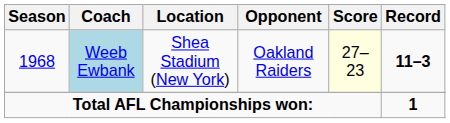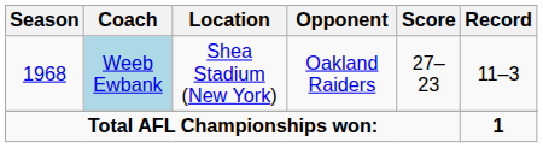 <table class="wikitable" style="width:70%;text-align:center">
 <tr>
 <th>Season</th>
 <th>Coach</th>
 <th>Location</th>
 <th>Opponent</th>
 <th>Score</th>
 <th>Record</th>
 </tr>
 <tr>
 <td><a href='#'>1968</a></td>
 <td style="background: lightblue;"><a href='#'>Weeb Ewbank</a></td>
 <td><a href='#'>Shea Stadium</a> (<a href='#'>New York</a>)</td>
 <td><a href='#'>Oakland Raiders</a></td>
-<td style="background: lightyellow;">27–23</td>
-<td><strong>11–3</strong></td>
+<td>27–23</td>
+<td>11–3</td>
 </tr>
 <tr>
 </tr>
 <tr>
 <td colspan="5"><strong>Total AFL Championships won:</strong></td>
 <td colspan="2"><strong>1</strong></td>
 </tr>
 </table>
